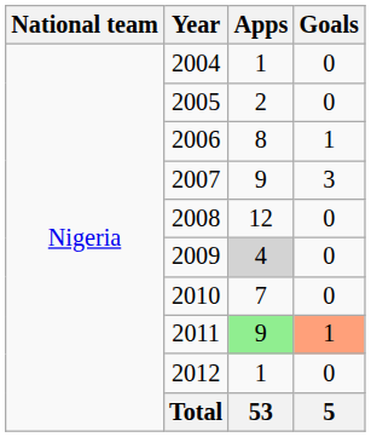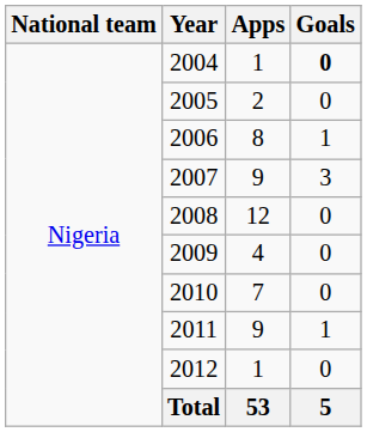 <table class="wikitable" style="text-align:center">
 <tr>
 <th>National team</th>
 <th>Year</th>
 <th>Apps</th>
 <th>Goals</th>
 </tr>
 <tr>
 <td rowspan="10"><a href='#'>Nigeria</a></td>
 <td>2004</td>
 <td>1</td>
-<td>0</td>
+<td><strong>0</strong></td>
 </tr>
 <tr>
 <td>2005</td>
 <td>2</td>
 <td>0</td>
 </tr>
 <tr>
 <td>2006</td>
 <td>8</td>
 <td>1</td>
 </tr>
 <tr>
 <td>2007</td>
 <td>9</td>
 <td>3</td>
 </tr>
 <tr>
 <td>2008</td>
 <td>12</td>
 <td>0</td>
 </tr>
 <tr>
 <td>2009</td>
-<td style="background: lightgrey;">4</td>
+<td>4</td>
 <td>0</td>
 </tr>
 <tr>
 <td>2010</td>
 <td>7</td>
 <td>0</td>
 </tr>
 <tr>
 <td>2011</td>
-<td style="background: lightgreen;">9</td>
-<td style="background: lightsalmon;">1</td>
+<td>9</td>
+<td>1</td>
 </tr>
 <tr>
 <td>2012</td>
 <td>1</td>
 <td>0</td>
 </tr>
 <tr>
 <th>Total</th>
 <th>53</th>
 <th>5</th>
 </tr>
 </table>
